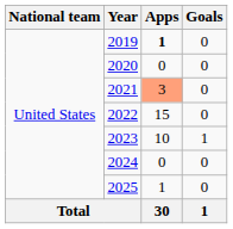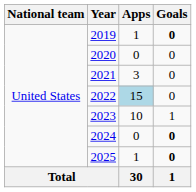 <table class="wikitable" style="text-align:center">
 <tr>
 <th>National team</th>
 <th>Year</th>
 <th>Apps</th>
 <th>Goals</th>
 </tr>
 <tr>
 <td rowspan=7><a href='#'>United States</a></td>
 <td><a href='#'>2019</a></td>
-<td><strong>1</strong></td>
-<td>0</td>
+<td>1</td>
+<td><strong>0</strong></td>
 </tr>
 <tr>
 <td><a href='#'>2020</a></td>
 <td>0</td>
 <td>0</td>
 </tr>
 <tr>
 <td><a href='#'>2021</a></td>
-<td style="background: lightsalmon;">3</td>
+<td>3</td>
 <td>0</td>
 </tr>
 <tr>
 <td><a href='#'>2022</a></td>
-<td>15</td>
+<td style="background: lightblue;">15</td>
 <td>0</td>
 </tr>
 <tr>
 <td><a href='#'>2023</a></td>
 <td>10</td>
 <td>1</td>
 </tr>
 <tr>
 <td><a href='#'>2024</a></td>
 <td>0</td>
-<td>0</td>
+<td><strong>0</strong></td>
 </tr>
 <tr>
 <td><a href='#'>2025</a></td>
 <td>1</td>
-<td>0</td>
+<td><strong>0</strong></td>
 </tr>
 <tr>
 <th colspan=2>Total</th>
 <th>30</th>
 <th>1</th>
 </tr>
 </table>
